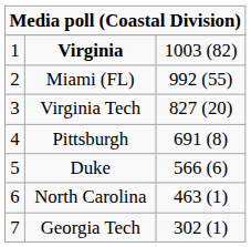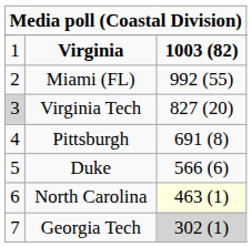 <table class="wikitable" style="display: inline-table;">
 <tr>
 <td align="center" Colspan="3"><strong>Media poll (Coastal Division)</strong></td>
 </tr>
 <tr align="center">
 </tr>
 <tr align="center">
 <td>1</td>
 <td><strong>Virginia</strong></td>
-<td>1003 (82)</td>
+<td><strong>1003 (82)</strong></td>
 </tr>
 <tr align="center">
 <td>2</td>
 <td>Miami (FL)</td>
 <td>992 (55)</td>
 </tr>
 <tr align="center">
-<td>3</td>
+<td style="background: lightgrey;">3</td>
 <td>Virginia Tech</td>
 <td>827 (20)</td>
 </tr>
 <tr align="center">
 <td>4</td>
 <td>Pittsburgh</td>
 <td>691 (8)</td>
 </tr>
 <tr align="center">
 <td>5</td>
 <td>Duke</td>
 <td>566 (6)</td>
 </tr>
 <tr align="center">
 <td>6</td>
 <td>North Carolina</td>
-<td>463 (1)</td>
+<td style="background: lightyellow;">463 (1)</td>
 </tr>
 <tr align="center">
 <td>7</td>
 <td>Georgia Tech</td>
-<td>302 (1)</td>
+<td style="background: lightgrey;">302 (1)</td>
 </tr>
 </table>
